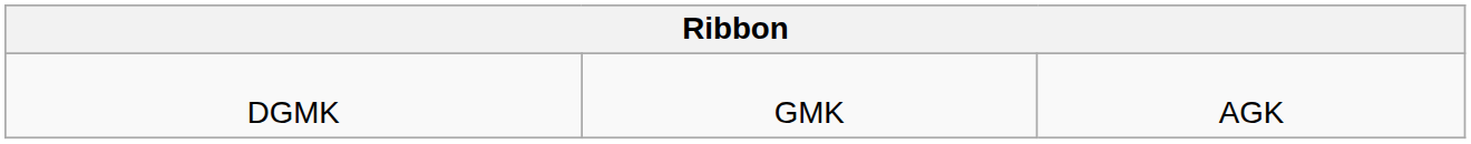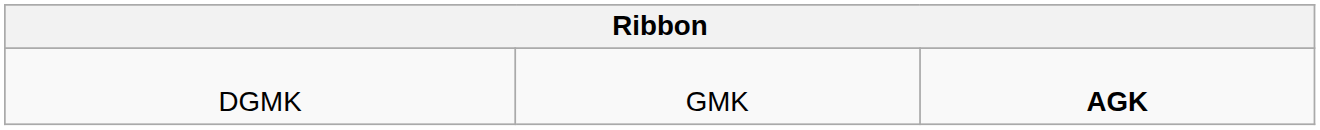 <table class="wikitable" width=60%>
 <tr>
 <th colspan=4>Ribbon</th>
 </tr>
 <tr>
 <td valign=top align=center> <br> DGMK</td>
 <td align=center> <br> GMK</td>
-<td valign=top align=center> <br> AGK</td>
+<td valign=top align=center><strong> <br> AGK</strong></td>
 </tr>
 </table>
